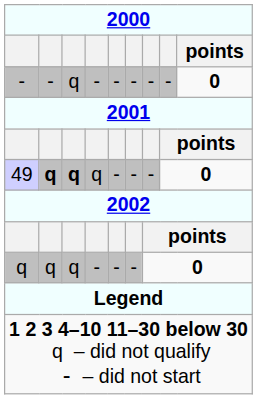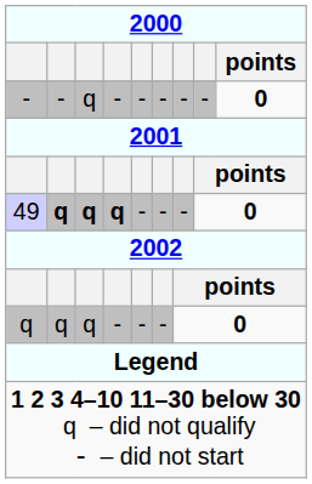 <table class="wikitable" style="text-align: center">
 <tr>
 <td colspan="27" bgcolor="F0FFFF"><strong><a href='#'>2000</a></strong></td>
 </tr>
 <tr>
 <th></th>
 <th></th>
 <th></th>
 <th></th>
 <th></th>
 <th></th>
 <th></th>
 <th></th>
 <th>points</th>
 </tr>
 <tr bgcolor="bfbfbf">
 <td>-</td>
 <td>-</td>
 <td>q</td>
 <td>-</td>
 <td>-</td>
 <td>-</td>
 <td>-</td>
 <td>-</td>
 <td bgcolor="f9f9f9"><strong>0</strong></td>
 </tr>
 <tr>
 <td colspan="27" bgcolor="F0FFFF"><strong><a href='#'>2001</a></strong></td>
 </tr>
 <tr>
 <th></th>
 <th></th>
 <th></th>
 <th></th>
 <th></th>
 <th></th>
 <th></th>
 <th colspan="9">points</th>
 </tr>
 <tr bgcolor="bfbfbf">
 <td bgcolor="cfcfff">49</td>
 <td><strong>q</strong></td>
 <td><strong>q</strong></td>
-<td>q</td>
+<td><strong>q</strong></td>
 <td>-</td>
 <td>-</td>
 <td>-</td>
 <td colspan="9" bgcolor="f9f9f9"><strong>0</strong></td>
 </tr>
 <tr>
 <td colspan="27" bgcolor="F0FFFF"><strong><a href='#'>2002</a></strong></td>
 </tr>
 <tr>
 <th></th>
 <th></th>
 <th></th>
 <th></th>
 <th></th>
 <th></th>
 <th colspan="9">points</th>
 </tr>
 <tr bgcolor="bfbfbf">
 <td>q</td>
 <td>q</td>
 <td>q</td>
 <td>-</td>
 <td>-</td>
 <td>-</td>
 <td colspan="9" bgcolor="f9f9f9"><strong>0</strong></td>
 </tr>
 <tr>
 <td colspan="27" bgcolor="F0FFFF"><strong>Legend</strong></td>
 </tr>
 <tr>
 <td colspan="27"><span><strong>1</strong></span> <span><strong>2</strong></span> <span><strong>3</strong></span> <span><strong>4–10</strong></span> <span><strong>11–30</strong></span> <span><strong>below 30</strong></span><br><span> q </span> – did not qualify<br><span><big> - </big></span> – did not start</td>
 </tr>
 </table>
